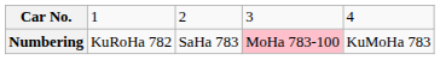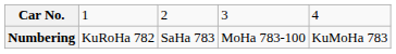 <table class="wikitable">
 <tr>
 <th>Car No.</th>
 <td>1</td>
 <td>2</td>
 <td>3</td>
 <td>4</td>
 </tr>
 <tr>
 <th>Numbering</th>
 <td>KuRoHa 782</td>
 <td>SaHa 783</td>
-<td style="background: pink;">MoHa 783-100</td>
+<td>MoHa 783-100</td>
 <td>KuMoHa 783</td>
 </tr>
 </table>
